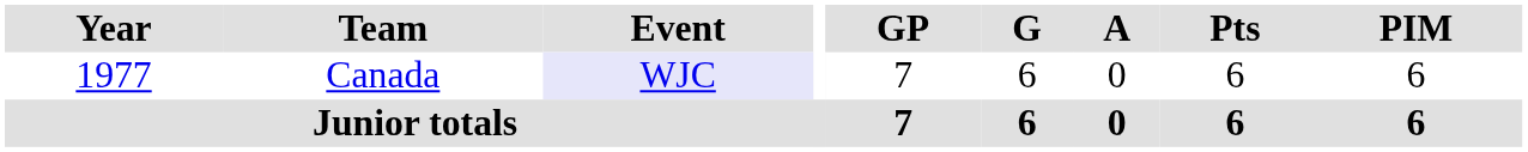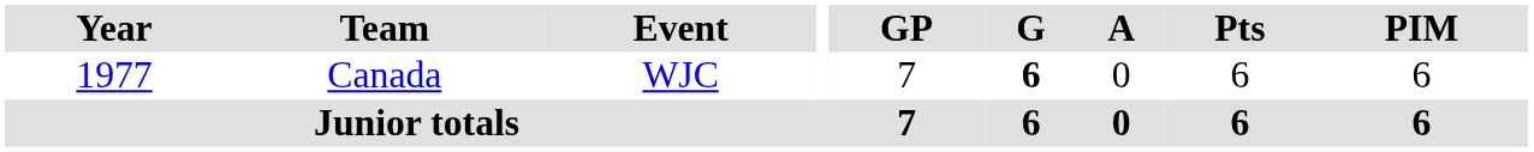 <table border="0" cellpadding="1" cellspacing="0" ID="Table3" style="text-align:center; width:40em">
 <tr bgcolor="#e0e0e0">
 <th>Year</th>
 <th>Team</th>
 <th>Event</th>
 <th rowspan="102" bgcolor="#ffffff"></th>
 <th>GP</th>
 <th>G</th>
 <th>A</th>
 <th>Pts</th>
 <th>PIM</th>
 </tr>
 <tr>
 <td><a href='#'>1977</a></td>
 <td><a href='#'>Canada</a></td>
-<td style="background: lavender;"><a href='#'>WJC</a></td>
+<td><a href='#'>WJC</a></td>
 <td>7</td>
-<td>6</td>
+<td><strong>6</strong></td>
 <td>0</td>
 <td>6</td>
 <td>6</td>
 </tr>
 <tr bgcolor="#e0e0e0">
 <th colspan="4">Junior totals</th>
 <th>7</th>
 <th>6</th>
 <th>0</th>
 <th>6</th>
 <th>6</th>
 </tr>
 </table>
